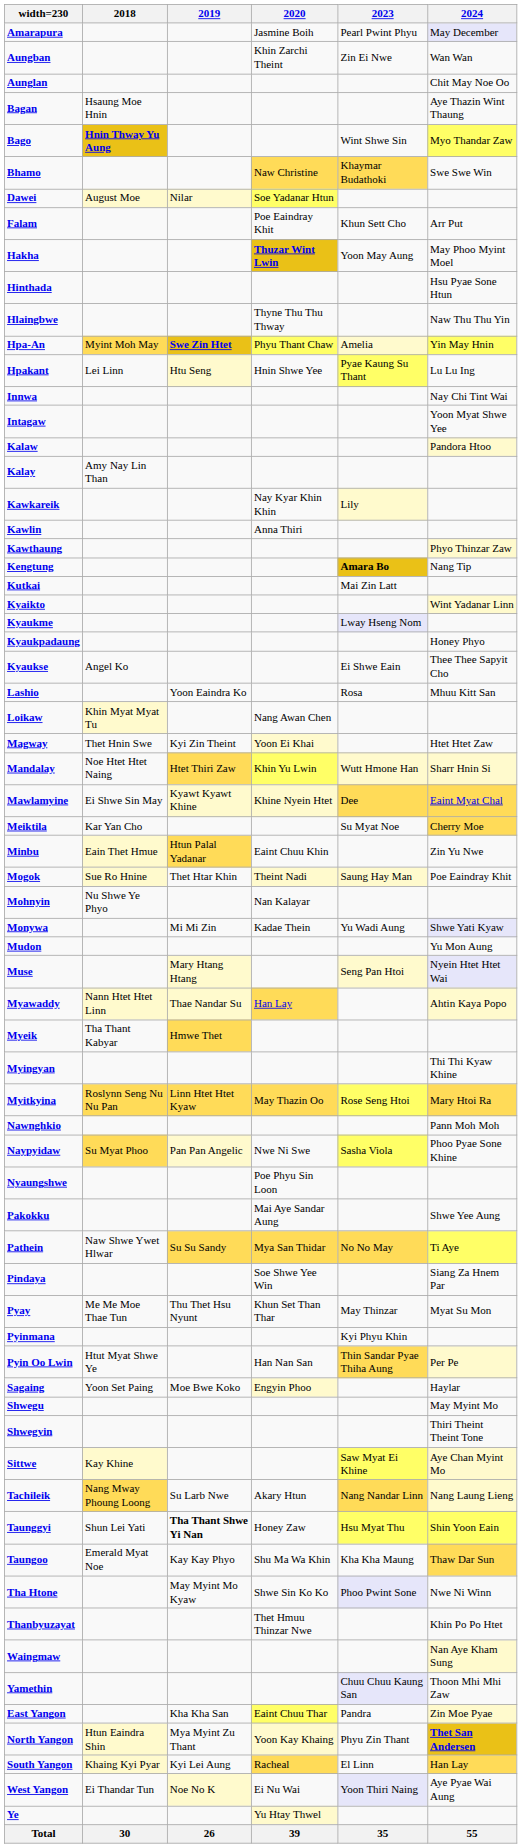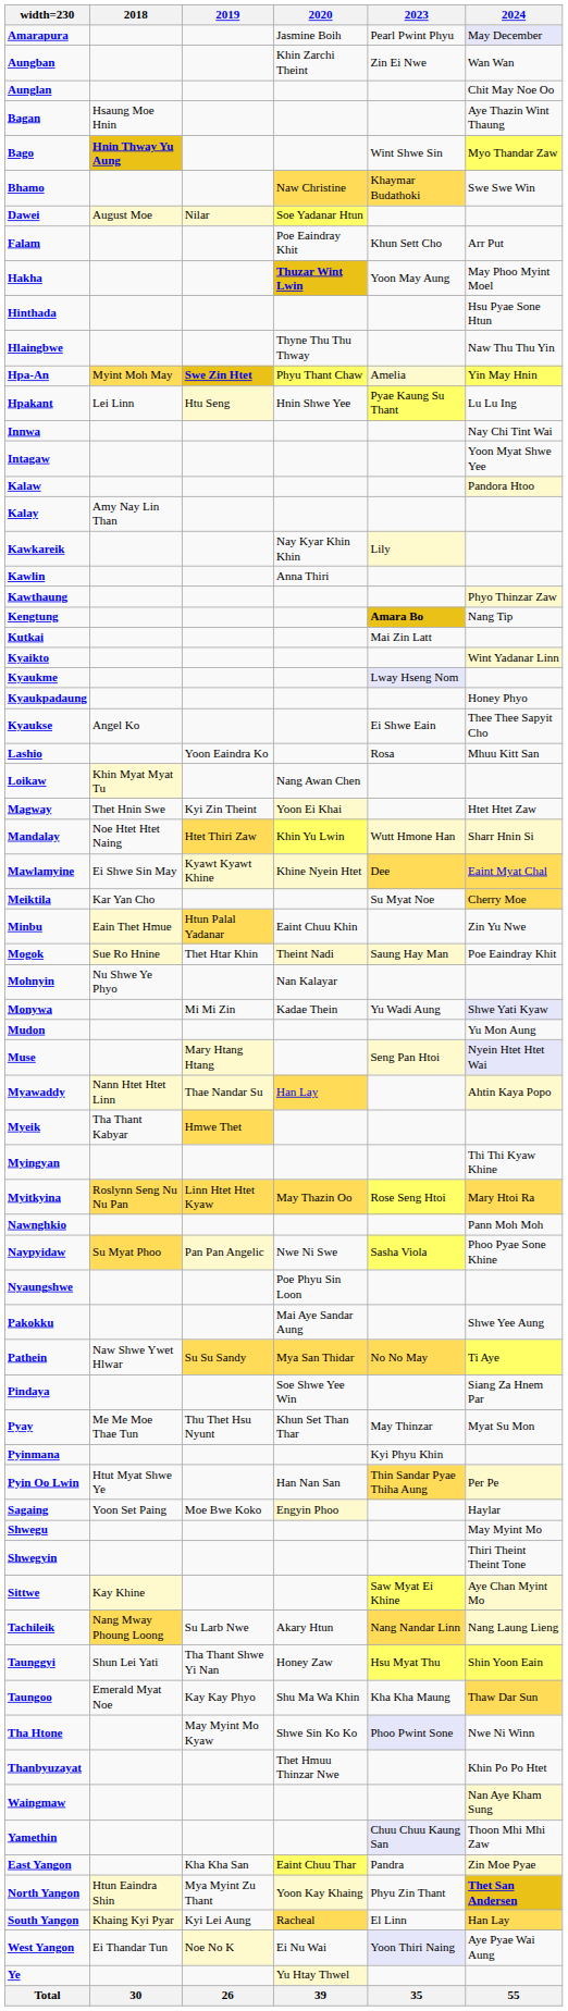 <table class="wikitable" style="font-size: 82%";>
 <tr>
 <th>width=230 </th>
 <th width="160">2018</th>
 <th width="160"><a href='#'>2019</a></th>
 <th width="160"><a href='#'>2020</a></th>
 <th width="160"><a href='#'>2023</a></th>
 <th width="160"><a href='#'>2024</a></th>
 </tr>
 <tr>
 <td><strong> <a href='#'>Amarapura</a></strong></td>
 <td></td>
 <td></td>
 <td>Jasmine Boih</td>
 <td>Pearl Pwint Phyu</td>
 <td bgcolor=#E6E6FA>May December</td>
 </tr>
 <tr>
 <td><strong> <a href='#'>Aungban</a></strong></td>
 <td></td>
 <td></td>
 <td>Khin Zarchi Theint</td>
 <td>Zin Ei Nwe</td>
 <td>Wan Wan</td>
 </tr>
 <tr>
 <td><strong> <a href='#'>Aunglan</a></strong></td>
 <td></td>
 <td></td>
 <td></td>
 <td></td>
 <td>Chit May Noe Oo</td>
 </tr>
 <tr>
 <td><strong> <a href='#'>Bagan</a></strong></td>
 <td>Hsaung Moe Hnin</td>
 <td></td>
 <td></td>
 <td></td>
 <td>Aye Thazin Wint Thaung</td>
 </tr>
 <tr>
 <td><strong> <a href='#'>Bago</a></strong></td>
 <td bgcolor="#EAC117"><strong><a href='#'>Hnin Thway Yu Aung</a></strong></td>
 <td></td>
 <td></td>
 <td>Wint Shwe Sin</td>
 <td bgcolor="#FFFF66">Myo Thandar Zaw</td>
 </tr>
 <tr>
 <td><strong> <a href='#'>Bhamo</a></strong></td>
 <td></td>
 <td></td>
 <td bgcolor=#FFDB58>Naw Christine</td>
 <td bgcolor=#FFDB58>Khaymar Budathoki</td>
 <td>Swe Swe Win</td>
 </tr>
 <tr>
 <td><strong> <a href='#'>Dawei</a></strong></td>
 <td bgcolor="#FFFACD">August Moe</td>
 <td bgcolor="#FFFACD">Nilar</td>
 <td bgcolor="#FFFF66">Soe Yadanar Htun</td>
 <td></td>
 <td></td>
 </tr>
 <tr>
 <td><strong> <a href='#'>Falam</a></strong></td>
 <td></td>
 <td></td>
 <td>Poe Eaindray Khit</td>
 <td>Khun Sett Cho</td>
 <td>Arr Put</td>
 </tr>
 <tr>
 <td><strong> <a href='#'>Hakha</a></strong></td>
 <td></td>
 <td></td>
 <td bgcolor="#EAC117"><strong><a href='#'>Thuzar Wint Lwin</a></strong></td>
 <td>Yoon May Aung</td>
 <td>May Phoo Myint Moel</td>
 </tr>
 <tr>
 <td><strong> <a href='#'>Hinthada</a></strong></td>
 <td></td>
 <td></td>
 <td></td>
 <td></td>
 <td>Hsu Pyae Sone Htun</td>
 </tr>
 <tr>
 <td><strong> <a href='#'>Hlaingbwe</a></strong></td>
 <td></td>
 <td></td>
 <td>Thyne Thu Thu Thway</td>
 <td></td>
 <td>Naw Thu Thu Yin</td>
 </tr>
 <tr>
 <td><strong> <a href='#'>Hpa-An</a></strong></td>
 <td bgcolor=#FFDB58>Myint Moh May</td>
 <td bgcolor="#EAC117"><strong><a href='#'>Swe Zin Htet</a></strong></td>
 <td bgcolor="#FFFF66">Phyu Thant Chaw</td>
 <td bgcolor="#FFFACD">Amelia</td>
 <td bgcolor="#FFFF66">Yin May Hnin</td>
 </tr>
 <tr>
 <td><strong> <a href='#'>Hpakant</a></strong></td>
 <td>Lei Linn</td>
 <td bgcolor="#FFFACD">Htu Seng</td>
 <td>Hnin Shwe Yee</td>
 <td bgcolor="#FFFF66">Pyae Kaung Su Thant</td>
 <td>Lu Lu Ing</td>
 </tr>
 <tr>
 <td><strong> <a href='#'>Innwa</a></strong></td>
 <td></td>
 <td></td>
 <td></td>
 <td></td>
 <td>Nay Chi Tint Wai</td>
 </tr>
 <tr>
 <td><strong> <a href='#'>Intagaw</a></strong></td>
 <td></td>
 <td></td>
 <td></td>
 <td></td>
 <td>Yoon Myat Shwe Yee</td>
 </tr>
 <tr>
 <td><strong> <a href='#'>Kalaw</a></strong></td>
 <td></td>
 <td></td>
 <td></td>
 <td></td>
 <td bgcolor="#FFFACD">Pandora Htoo</td>
 </tr>
 <tr>
 <td><strong> <a href='#'>Kalay</a></strong></td>
 <td>Amy Nay Lin Than</td>
 <td></td>
 <td></td>
 <td></td>
 <td></td>
 </tr>
 <tr>
 <td><strong> <a href='#'>Kawkareik</a></strong></td>
 <td></td>
 <td></td>
 <td>Nay Kyar Khin Khin</td>
 <td bgcolor="#FFFACD">Lily</td>
 <td></td>
 </tr>
 <tr>
 <td><strong> <a href='#'>Kawlin</a></strong></td>
 <td></td>
 <td></td>
 <td>Anna Thiri</td>
 <td></td>
 <td></td>
 </tr>
 <tr>
 <td><strong> <a href='#'>Kawthaung</a></strong></td>
 <td></td>
 <td></td>
 <td></td>
 <td></td>
 <td bgcolor="#FFFACD">Phyo Thinzar Zaw</td>
 </tr>
 <tr>
 <td><strong> <a href='#'>Kengtung</a></strong></td>
 <td></td>
 <td></td>
 <td></td>
 <td bgcolor="#EAC117"><strong>Amara Bo</strong></td>
 <td>Nang Tip</td>
 </tr>
 <tr>
 <td><strong> <a href='#'>Kutkai</a></strong></td>
 <td></td>
 <td></td>
 <td></td>
 <td>Mai Zin Latt</td>
 <td></td>
 </tr>
 <tr>
 <td><strong> <a href='#'>Kyaikto</a></strong></td>
 <td></td>
 <td></td>
 <td></td>
 <td></td>
 <td bgcolor="#FFFACD">Wint Yadanar Linn</td>
 </tr>
 <tr>
 <td><strong> <a href='#'>Kyaukme</a></strong></td>
 <td></td>
 <td></td>
 <td></td>
 <td bgcolor=#E6E6FA>Lway Hseng Nom</td>
 <td></td>
 </tr>
 <tr>
 <td><strong> <a href='#'>Kyaukpadaung</a></strong></td>
 <td></td>
 <td></td>
 <td></td>
 <td></td>
 <td>Honey Phyo</td>
 </tr>
 <tr>
 <td><strong> <a href='#'>Kyaukse</a></strong></td>
 <td>Angel Ko</td>
 <td></td>
 <td></td>
 <td>Ei Shwe Eain</td>
 <td>Thee Thee Sapyit Cho</td>
 </tr>
 <tr>
 <td><strong> <a href='#'>Lashio</a></strong></td>
 <td></td>
 <td>Yoon Eaindra Ko</td>
 <td></td>
 <td>Rosa</td>
 <td>Mhuu Kitt San</td>
 </tr>
 <tr>
 <td><strong> <a href='#'>Loikaw</a></strong></td>
 <td bgcolor="#FFFACD">Khin Myat Myat Tu</td>
 <td></td>
 <td>Nang Awan Chen</td>
 <td></td>
 <td></td>
 </tr>
 <tr>
 <td><strong> <a href='#'>Magway</a></strong></td>
 <td>Thet Hnin Swe</td>
 <td>Kyi Zin Theint</td>
 <td bgcolor="#FFFACD">Yoon Ei Khai</td>
 <td></td>
 <td>Htet Htet Zaw</td>
 </tr>
 <tr>
 <td><strong> <a href='#'>Mandalay</a></strong></td>
 <td>Noe Htet Htet Naing</td>
 <td bgcolor=#FFDB58>Htet Thiri Zaw</td>
 <td bgcolor="#FFFF66">Khin Yu Lwin</td>
 <td bgcolor="#FFFACD">Wutt Hmone Han</td>
 <td bgcolor="#FFFACD">Sharr Hnin Si</td>
 </tr>
 <tr>
 <td><strong> <a href='#'>Mawlamyine</a></strong></td>
 <td>Ei Shwe Sin May</td>
 <td bgcolor="#FFFACD">Kyawt Kyawt Khine</td>
 <td bgcolor="#FFFACD">Khine Nyein Htet</td>
 <td bgcolor=#FFDB58>Dee</td>
 <td bgcolor=#FFDB58><a href='#'>Eaint Myat Chal</a></td>
 </tr>
 <tr>
 <td><strong> <a href='#'>Meiktila</a></strong></td>
 <td>Kar Yan Cho</td>
 <td></td>
 <td></td>
 <td>Su Myat Noe</td>
 <td bgcolor=#FFDB58>Cherry Moe</td>
 </tr>
 <tr>
 <td><strong> <a href='#'>Minbu</a></strong></td>
 <td bgcolor="#FFFACD">Eain Thet Hmue</td>
 <td bgcolor=#FFDB58>Htun Palal Yadanar</td>
 <td>Eaint Chuu Khin</td>
 <td></td>
 <td>Zin Yu Nwe</td>
 </tr>
 <tr>
 <td><strong> <a href='#'>Mogok</a></strong></td>
 <td bgcolor="#FFFACD">Sue Ro Hnine</td>
 <td>Thet Htar Khin</td>
 <td bgcolor="#FFFACD">Theint Nadi</td>
 <td bgcolor="#FFFACD">Saung Hay Man</td>
 <td>Poe Eaindray Khit</td>
 </tr>
 <tr>
 <td><strong> <a href='#'>Mohnyin</a></strong></td>
 <td>Nu Shwe Ye Phyo</td>
 <td></td>
 <td>Nan Kalayar</td>
 <td></td>
 <td></td>
 </tr>
 <tr>
 <td><strong> <a href='#'>Monywa</a></strong></td>
 <td></td>
 <td>Mi Mi Zin</td>
 <td>Kadae Thein</td>
 <td>Yu Wadi Aung</td>
 <td bgcolor=#E6E6FA>Shwe Yati Kyaw</td>
 </tr>
 <tr>
 <td><strong> <a href='#'>Mudon</a></strong></td>
 <td></td>
 <td></td>
 <td></td>
 <td></td>
 <td>Yu Mon Aung</td>
 </tr>
 <tr>
 <td><strong> <a href='#'>Muse</a></strong></td>
 <td></td>
 <td bgcolor="#FFFACD">Mary Htang Htang</td>
 <td></td>
 <td bgcolor="#FFFACD">Seng Pan Htoi</td>
 <td bgcolor=#E6E6FA>Nyein Htet Htet Wai</td>
 </tr>
 <tr>
 <td><strong> <a href='#'>Myawaddy</a></strong></td>
 <td bgcolor="#FFFACD">Nann Htet Htet Linn</td>
 <td bgcolor="#FFFACD">Thae Nandar Su</td>
 <td bgcolor=#FFDB58><a href='#'>Han Lay</a></td>
 <td></td>
 <td bgcolor="#FFFACD">Ahtin Kaya Popo</td>
 </tr>
 <tr>
 <td><strong> <a href='#'>Myeik</a></strong></td>
 <td>Tha Thant Kabyar</td>
 <td bgcolor=#FFDB58>Hmwe Thet</td>
 <td></td>
 <td></td>
 <td></td>
 </tr>
 <tr>
 <td><strong> <a href='#'>Myingyan</a></strong></td>
 <td></td>
 <td></td>
 <td></td>
 <td></td>
 <td>Thi Thi Kyaw Khine</td>
 </tr>
 <tr>
 <td><strong> <a href='#'>Myitkyina</a></strong></td>
 <td bgcolor=#FFDB58>Roslynn Seng Nu Nu Pan</td>
 <td bgcolor=#FFDB58>Linn Htet Htet Kyaw</td>
 <td bgcolor=#FFDB58>May Thazin Oo</td>
 <td bgcolor="#FFFF66">Rose Seng Htoi</td>
 <td bgcolor=#FFDB58>Mary Htoi Ra</td>
 </tr>
 <tr>
 <td><strong> <a href='#'>Nawnghkio</a></strong></td>
 <td></td>
 <td></td>
 <td></td>
 <td></td>
 <td>Pann Moh Moh</td>
 </tr>
 <tr>
 <td><strong> <a href='#'>Naypyidaw</a></strong></td>
 <td bgcolor=#FFDB58>Su Myat Phoo</td>
 <td bgcolor="#FFFACD">Pan Pan Angelic</td>
 <td>Nwe Ni Swe</td>
 <td bgcolor="#FFFF66">Sasha Viola</td>
 <td>Phoo Pyae Sone Khine</td>
 </tr>
 <tr>
 <td><strong> <a href='#'>Nyaungshwe</a></strong></td>
 <td></td>
 <td></td>
 <td>Poe Phyu Sin Loon</td>
 <td></td>
 <td></td>
 </tr>
 <tr>
 <td><strong> <a href='#'>Pakokku</a></strong></td>
 <td></td>
 <td></td>
 <td>Mai Aye Sandar Aung</td>
 <td></td>
 <td>Shwe Yee Aung</td>
 </tr>
 <tr>
 <td><strong> <a href='#'>Pathein</a></strong></td>
 <td>Naw Shwe Ywet Hlwar</td>
 <td bgcolor=#FFDB58>Su Su Sandy</td>
 <td bgcolor=#FFDB58>Mya San Thidar</td>
 <td bgcolor=#FFDB58>No No May</td>
 <td bgcolor="#FFFF66">Ti Aye</td>
 </tr>
 <tr>
 <td><strong> <a href='#'>Pindaya</a></strong></td>
 <td></td>
 <td></td>
 <td>Soe Shwe Yee Win</td>
 <td></td>
 <td>Siang Za Hnem Par</td>
 </tr>
 <tr>
 <td><strong> <a href='#'>Pyay</a></strong></td>
 <td>Me Me Moe Thae Tun</td>
 <td>Thu Thet Hsu Nyunt</td>
 <td>Khun Set Than Thar</td>
 <td>May Thinzar</td>
 <td>Myat Su Mon</td>
 </tr>
 <tr>
 <td><strong> <a href='#'>Pyinmana</a></strong></td>
 <td></td>
 <td></td>
 <td></td>
 <td>Kyi Phyu Khin</td>
 <td></td>
 </tr>
 <tr>
 <td><strong> <a href='#'>Pyin Oo Lwin</a></strong></td>
 <td>Htut Myat Shwe Ye</td>
 <td></td>
 <td>Han Nan San</td>
 <td bgcolor=#FFDB58>Thin Sandar Pyae Thiha Aung</td>
 <td bgcolor="#FFFACD">Per Pe</td>
 </tr>
 <tr>
 <td><strong> <a href='#'>Sagaing</a></strong></td>
 <td>Yoon Set Paing</td>
 <td>Moe Bwe Koko</td>
 <td bgcolor="#FFFACD">Engyin Phoo</td>
 <td></td>
 <td>Haylar</td>
 </tr>
 <tr>
 <td><strong> <a href='#'>Shwegu</a></strong></td>
 <td></td>
 <td></td>
 <td></td>
 <td></td>
 <td>May Myint Mo</td>
 </tr>
 <tr>
 <td><strong> <a href='#'>Shwegyin</a></strong></td>
 <td></td>
 <td></td>
 <td></td>
 <td></td>
 <td>Thiri Theint Theint Tone</td>
 </tr>
 <tr>
 <td><strong> <a href='#'>Sittwe</a></strong></td>
 <td bgcolor="#FFFACD">Kay Khine</td>
 <td></td>
 <td></td>
 <td bgcolor="#FFFF66">Saw Myat Ei Khine</td>
 <td bgcolor="#FFFACD">Aye Chan Myint Mo</td>
 </tr>
 <tr>
 <td><strong> <a href='#'>Tachileik</a></strong></td>
 <td bgcolor=#FFDB58>Nang Mway Phoung Loong</td>
 <td>Su Larb Nwe</td>
 <td>Akary Htun</td>
 <td bgcolor=#FFDB58>Nang Nandar Linn</td>
 <td bgcolor="#FFFACD">Nang Laung Lieng</td>
 </tr>
 <tr>
 <td><strong> <a href='#'>Taunggyi</a></strong></td>
 <td>Shun Lei Yati</td>
-<td><strong>Tha Thant Shwe Yi Nan</strong></td>
+<td>Tha Thant Shwe Yi Nan</td>
 <td>Honey Zaw</td>
 <td bgcolor="#FFFF66">Hsu Myat Thu</td>
 <td bgcolor="#FFFF66">Shin Yoon Eain</td>
 </tr>
 <tr>
 <td><strong> <a href='#'>Taungoo</a></strong></td>
 <td>Emerald Myat Noe</td>
 <td>Kay Kay Phyo</td>
 <td>Shu Ma Wa Khin</td>
 <td>Kha Kha Maung</td>
 <td bgcolor=#FFDB58>Thaw Dar Sun</td>
 </tr>
 <tr>
 <td><strong> <a href='#'>Tha Htone</a></strong></td>
 <td></td>
 <td>May Myint Mo Kyaw</td>
 <td>Shwe Sin Ko Ko</td>
 <td bgcolor=#E6E6FA>Phoo Pwint Sone</td>
 <td>Nwe Ni Winn</td>
 </tr>
 <tr>
 <td><strong> <a href='#'>Thanbyuzayat</a></strong></td>
 <td></td>
 <td></td>
 <td>Thet Hmuu Thinzar Nwe</td>
 <td></td>
 <td>Khin Po Po Htet</td>
 </tr>
 <tr>
 <td><strong> <a href='#'>Waingmaw</a></strong></td>
 <td></td>
 <td></td>
 <td></td>
 <td></td>
 <td bgcolor="#FFFACD">Nan Aye Kham Sung</td>
 </tr>
 <tr>
 <td><strong> <a href='#'>Yamethin</a></strong></td>
 <td></td>
 <td></td>
 <td></td>
 <td bgcolor=#E6E6FA>Chuu Chuu Kaung San</td>
 <td>Thoon Mhi Mhi Zaw</td>
 </tr>
 <tr>
 <td><strong> <a href='#'>East Yangon</a></strong></td>
 <td></td>
 <td>Kha Kha San</td>
 <td bgcolor="#FFFF66">Eaint Chuu Thar</td>
 <td>Pandra</td>
 <td bgcolor="#FFFACD">Zin Moe Pyae</td>
 </tr>
 <tr>
 <td><strong> <a href='#'>North Yangon</a></strong></td>
 <td bgcolor="#FFFACD">Htun Eaindra Shin</td>
 <td>Mya Myint Zu Thant</td>
 <td bgcolor="#FFFACD">Yoon Kay Khaing</td>
 <td>Phyu Zin Thant</td>
 <td bgcolor="#EAC117"><strong><a href='#'>Thet San Andersen</a></strong></td>
 </tr>
 <tr>
 <td><strong> <a href='#'>South Yangon</a></strong></td>
 <td bgcolor="#FFFACD">Khaing Kyi Pyar</td>
 <td>Kyi Lei Aung</td>
 <td bgcolor=#FFDB58>Racheal</td>
 <td>El Linn</td>
 <td bgcolor=#FFDB58>Han Lay</td>
 </tr>
 <tr>
 <td><strong> <a href='#'>West Yangon</a></strong></td>
 <td>Ei Thandar Tun</td>
 <td bgcolor="#FFFACD">Noe No K</td>
 <td>Ei Nu Wai</td>
 <td bgcolor=#E6E6FA>Yoon Thiri Naing</td>
 <td>Aye Pyae Wai Aung</td>
 </tr>
 <tr>
 <td><strong> <a href='#'>Ye</a><em></td>
 <td></td>
 <td></td>
 <td bgcolor="#FFFACD">Yu Htay Thwel</td>
 <td></td>
 <td></td>
 </tr>
 <tr>
 <th>Total</th>
 <th>30</th>
 <th>26</th>
 <th>39</th>
 <th>35</th>
 <th>55</th>
 </tr>
 </table>
